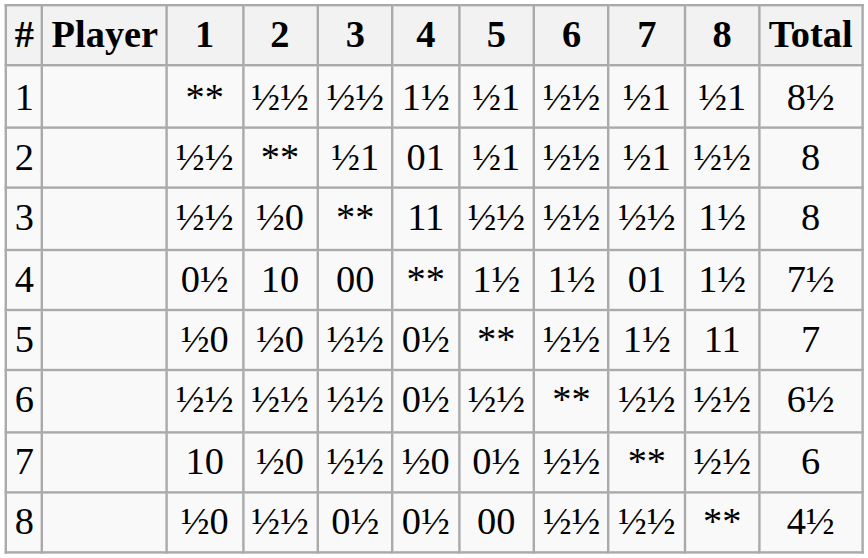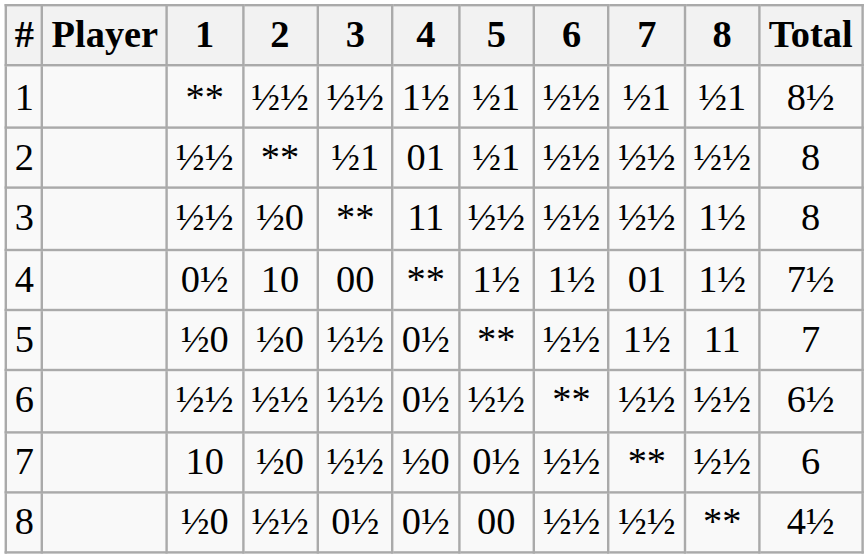 <table class="wikitable" style="text-align: center; margin: 0em 4em">
 <tr>
 <th>#</th>
 <th>Player</th>
 <th>1</th>
 <th>2</th>
 <th>3</th>
 <th>4</th>
 <th>5</th>
 <th>6</th>
 <th>7</th>
 <th>8</th>
 <th>Total</th>
 </tr>
 <tr>
 <td>1</td>
 <td align=left></td>
 <td>**</td>
 <td>½½</td>
 <td>½½</td>
 <td>1½</td>
 <td>½1</td>
 <td>½½</td>
 <td>½1</td>
 <td>½1</td>
 <td>8½</td>
 </tr>
 <tr>
 <td>2</td>
 <td align=left></td>
 <td>½½</td>
 <td>**</td>
 <td>½1</td>
 <td>01</td>
 <td>½1</td>
 <td>½½</td>
-<td>½1</td>
+<td>½½</td>
 <td>½½</td>
 <td>8</td>
 </tr>
 <tr>
 <td>3</td>
 <td align=left></td>
 <td>½½</td>
 <td>½0</td>
 <td>**</td>
 <td>11</td>
 <td>½½</td>
 <td>½½</td>
 <td>½½</td>
 <td>1½</td>
 <td>8</td>
 </tr>
 <tr>
 <td>4</td>
 <td align=left></td>
 <td>0½</td>
 <td>10</td>
 <td>00</td>
 <td>**</td>
 <td>1½</td>
 <td>1½</td>
 <td>01</td>
 <td>1½</td>
 <td>7½</td>
 </tr>
 <tr>
 <td>5</td>
 <td align=left></td>
 <td>½0</td>
 <td>½0</td>
 <td>½½</td>
 <td>0½</td>
 <td>**</td>
 <td>½½</td>
 <td>1½</td>
 <td>11</td>
 <td>7</td>
 </tr>
 <tr>
 <td>6</td>
 <td align=left></td>
 <td>½½</td>
 <td>½½</td>
 <td>½½</td>
 <td>0½</td>
 <td>½½</td>
 <td>**</td>
 <td>½½</td>
 <td>½½</td>
 <td>6½</td>
 </tr>
 <tr>
 <td>7</td>
 <td align=left></td>
 <td>10</td>
 <td>½0</td>
 <td>½½</td>
 <td>½0</td>
 <td>0½</td>
 <td>½½</td>
 <td>**</td>
 <td>½½</td>
 <td>6</td>
 </tr>
 <tr>
 <td>8</td>
 <td align=left></td>
 <td>½0</td>
 <td>½½</td>
 <td>0½</td>
 <td>0½</td>
 <td>00</td>
 <td>½½</td>
 <td>½½</td>
 <td>**</td>
 <td>4½</td>
 </tr>
 </table>
